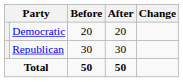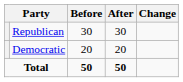 <table class="wikitable" style="text-align:center;">
 <tr>
 <th colspan="2">Party</th>
 <th>Before</th>
 <th>After</th>
 <th>Change</th>
 </tr>
 <tr>
 <th style="background-color:"></th>
-<td style="text-align:left;"><a href='#'>Democratic</a></td>
-<td>20</td>
-<td>20</td>
+<td style="text-align:left;"><a href='#'>Republican</a></td>
+<td>30</td>
+<td>30</td>
 <td></td>
 </tr>
 <tr>
 <th style="background-color:"></th>
-<td style="text-align:left;"><a href='#'>Republican</a></td>
-<td>30</td>
-<td>30</td>
+<td style="text-align:left;"><a href='#'>Democratic</a></td>
+<td>20</td>
+<td>20</td>
 <td></td>
 </tr>
 <tr>
 <td colspan="2"><strong>Total</strong></td>
 <td><strong>50</strong></td>
 <td><strong>50</strong></td>
 <td></td>
 </tr>
 </table>
